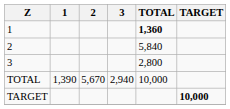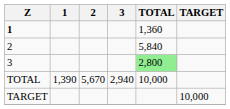 <table class="wikitable" style="margin:1em auto;">
 <tr>
 <th>Z</th>
 <th>1</th>
 <th>2</th>
 <th>3</th>
 <th>TOTAL</th>
 <th>TARGET</th>
 </tr>
 <tr>
-<td>1</td>
+<td><strong>1</strong></td>
 <td></td>
 <td></td>
 <td></td>
-<td><strong>1,360</strong></td>
+<td>1,360</td>
 <td></td>
 </tr>
 <tr>
 <td>2</td>
 <td></td>
 <td></td>
 <td></td>
 <td>5,840</td>
 <td></td>
 </tr>
 <tr>
 <td>3</td>
 <td></td>
 <td></td>
 <td></td>
-<td>2,800</td>
+<td style="background: lightgreen;">2,800</td>
 <td></td>
 </tr>
 <tr>
 <td>TOTAL</td>
 <td>1,390</td>
 <td>5,670</td>
 <td>2,940</td>
 <td>10,000</td>
 <td></td>
 </tr>
 <tr>
 <td>TARGET</td>
 <td></td>
 <td></td>
 <td></td>
 <td></td>
-<td><strong>10,000</strong></td>
+<td>10,000</td>
 </tr>
 <tr>
 </tr>
 </table>
